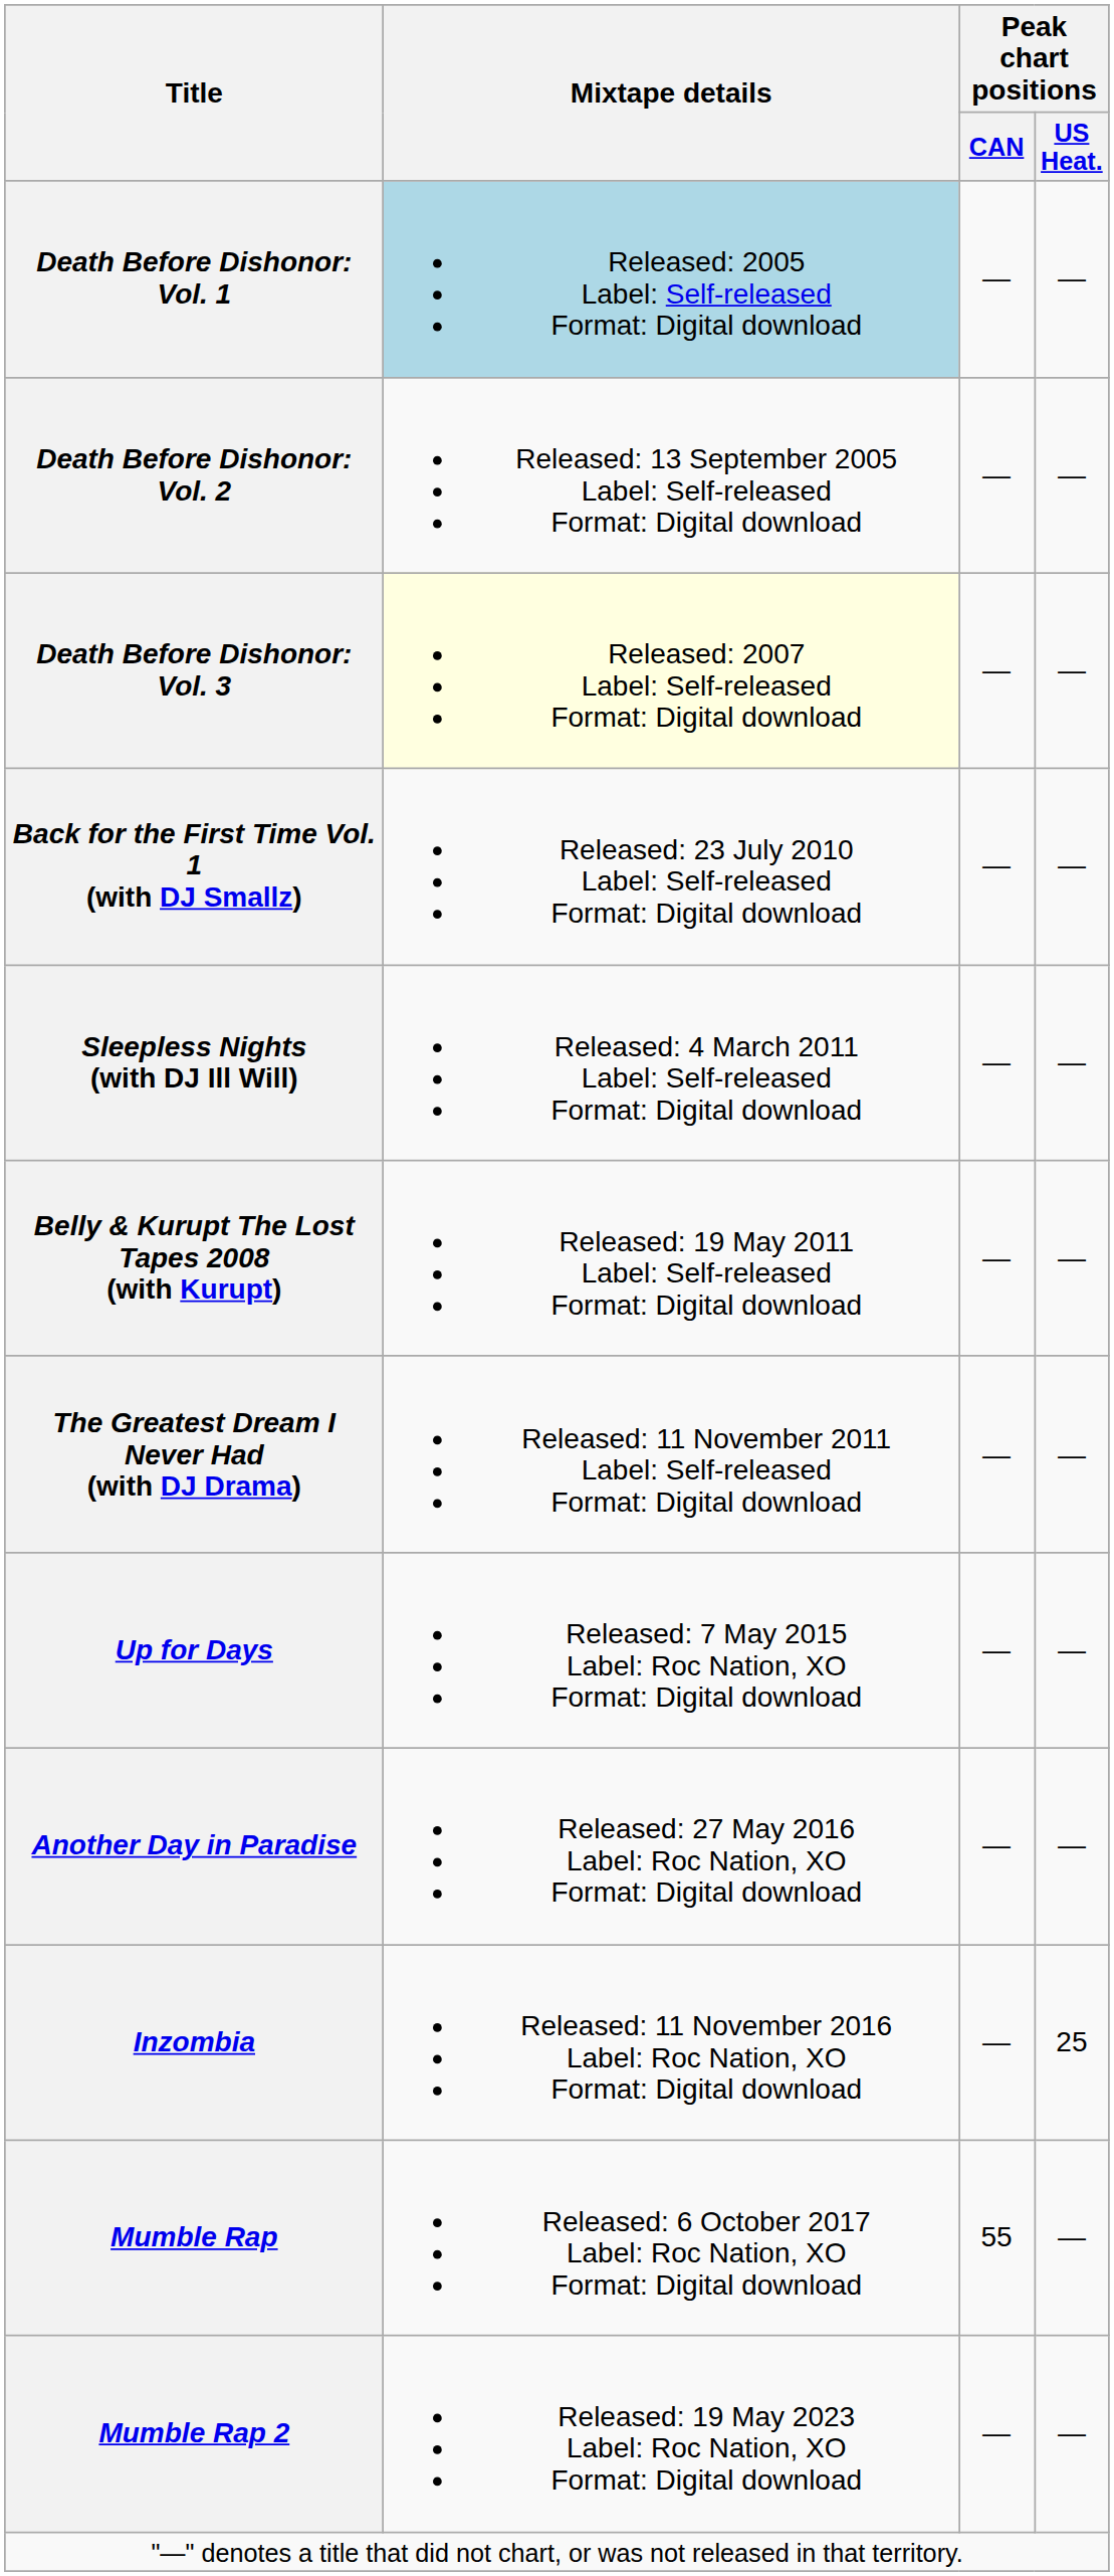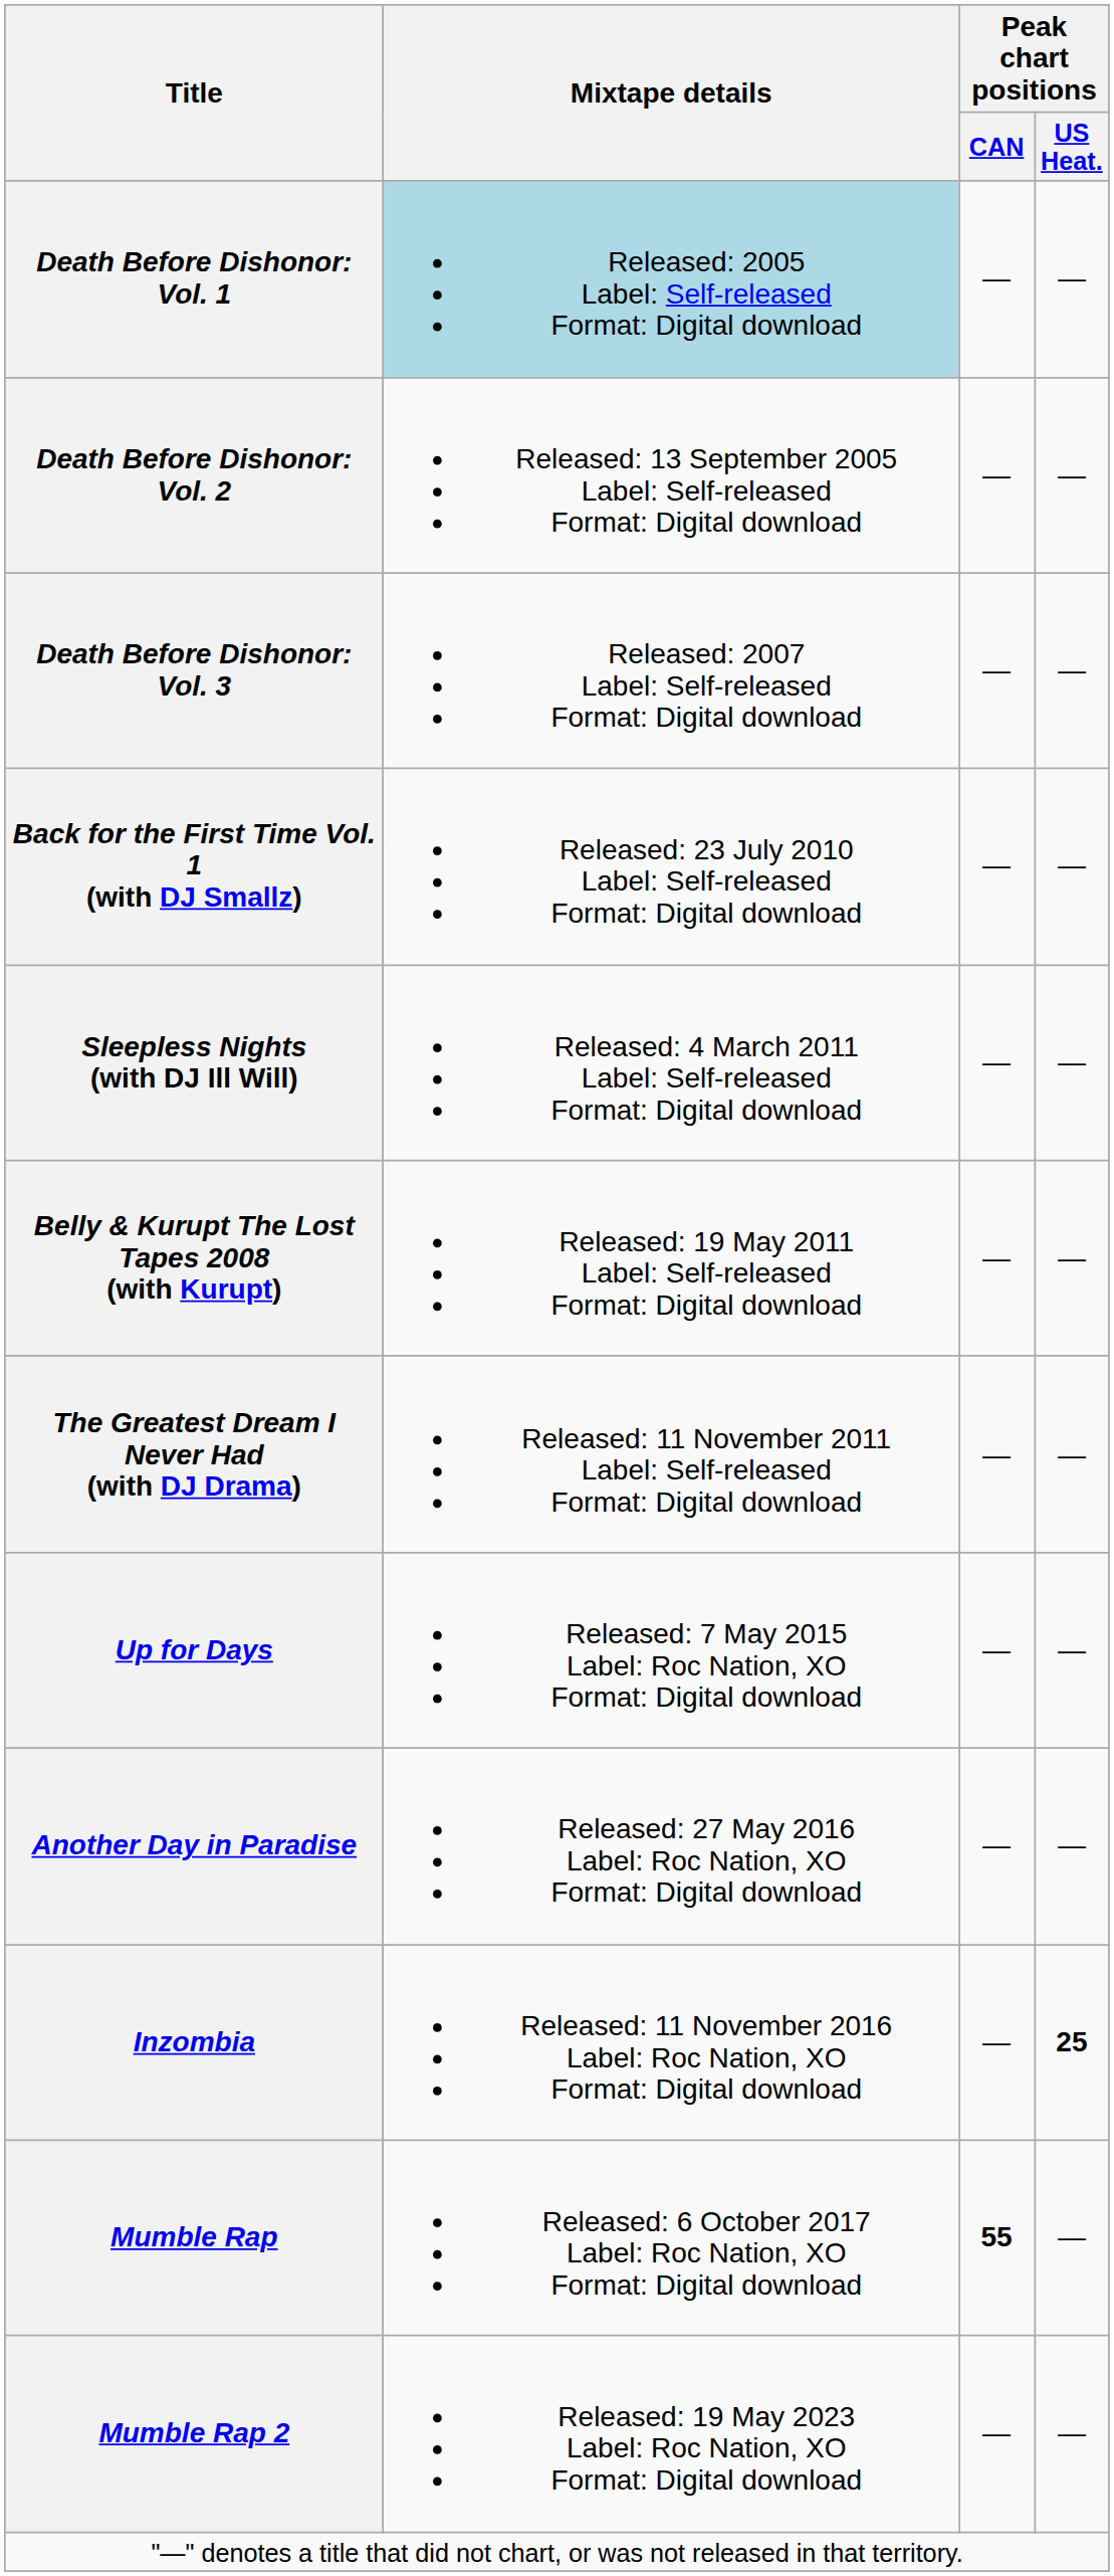 <table class="wikitable plainrowheaders" style="text-align:center;">
 <tr>
 <th scope="col" rowspan="2" style="width:13em;">Title</th>
 <th scope="col" rowspan="2" style="width:20em;">Mixtape details</th>
 <th scope="col" colspan="2">Peak chart positions</th>
 </tr>
 <tr>
 <th scope="col" style="width:2.5em;font-size:90%;"><a href='#'>CAN</a><br></th>
 <th scope="col" style="width:2.5em;font-size:90%;"><a href='#'>US<br>Heat.</a><br></th>
 </tr>
 <tr>
 <th scope="row"><em>Death Before Dishonor: Vol. 1</em></th>
 <td style="background: lightblue;"><br><ul><li>Released: 2005</li><li>Label: <a href='#'>Self-released</a></li><li>Format: Digital download</li></ul></td>
 <td>—</td>
 <td>—</td>
 </tr>
 <tr>
 <th scope="row"><em>Death Before Dishonor: Vol. 2</em></th>
 <td><br><ul><li>Released: 13 September 2005</li><li>Label: Self-released</li><li>Format: Digital download</li></ul></td>
 <td>—</td>
 <td>—</td>
 </tr>
 <tr>
 <th scope="row"><em>Death Before Dishonor: Vol. 3</em></th>
-<td style="background: lightyellow;"><br><ul><li>Released: 2007</li><li>Label: Self-released</li><li>Format: Digital download</li></ul></td>
+<td><br><ul><li>Released: 2007</li><li>Label: Self-released</li><li>Format: Digital download</li></ul></td>
 <td>—</td>
 <td>—</td>
 </tr>
 <tr>
 <th scope="row"><em>Back for the First Time Vol. 1</em><br><span>(with <a href='#'>DJ Smallz</a>)</span></th>
 <td><br><ul><li>Released: 23 July 2010</li><li>Label: Self-released</li><li>Format: Digital download</li></ul></td>
 <td>—</td>
 <td>—</td>
 </tr>
 <tr>
 <th scope="row"><em>Sleepless Nights</em><br><span>(with DJ Ill Will)</span></th>
 <td><br><ul><li>Released: 4 March 2011</li><li>Label: Self-released</li><li>Format: Digital download</li></ul></td>
 <td>—</td>
 <td>—</td>
 </tr>
 <tr>
 <th scope="row"><em>Belly & Kurupt The Lost Tapes 2008</em><br><span>(with <a href='#'>Kurupt</a>)</span></th>
 <td><br><ul><li>Released: 19 May 2011</li><li>Label: Self-released</li><li>Format: Digital download</li></ul></td>
 <td>—</td>
 <td>—</td>
 </tr>
 <tr>
 <th scope="row"><em>The Greatest Dream I Never Had</em><br><span>(with <a href='#'>DJ Drama</a>)</span></th>
 <td><br><ul><li>Released: 11 November 2011</li><li>Label: Self-released</li><li>Format: Digital download</li></ul></td>
 <td>—</td>
 <td>—</td>
 </tr>
 <tr>
 <th scope="row"><em><a href='#'>Up for Days</a></em></th>
 <td><br><ul><li>Released: 7 May 2015</li><li>Label: Roc Nation, XO</li><li>Format: Digital download</li></ul></td>
 <td>—</td>
 <td>—</td>
 </tr>
 <tr>
 <th scope="row"><em><a href='#'>Another Day in Paradise</a></em></th>
 <td><br><ul><li>Released: 27 May 2016</li><li>Label: Roc Nation, XO</li><li>Format: Digital download</li></ul></td>
 <td>—</td>
 <td>—</td>
 </tr>
 <tr>
 <th scope="row"><em><a href='#'>Inzombia</a></em></th>
 <td><br><ul><li>Released: 11 November 2016</li><li>Label: Roc Nation, XO</li><li>Format: Digital download</li></ul></td>
 <td>—</td>
-<td>25</td>
+<td><strong>25</strong></td>
 </tr>
 <tr>
 <th scope="row"><em><a href='#'>Mumble Rap</a></em></th>
 <td><br><ul><li>Released: 6 October 2017</li><li>Label: Roc Nation, XO</li><li>Format: Digital download</li></ul></td>
-<td>55</td>
+<td><strong>55</strong></td>
 <td>—</td>
 </tr>
 <tr>
 <th scope="row"><em><a href='#'>Mumble Rap 2</a></em></th>
 <td><br><ul><li>Released: 19 May 2023</li><li>Label: Roc Nation, XO</li><li>Format: Digital download</li></ul></td>
 <td>—</td>
 <td>—</td>
 </tr>
 <tr>
 <td colspan="9" style="font-size:90%">"—" denotes a title that did not chart, or was not released in that territory.</td>
 </tr>
 </table>
